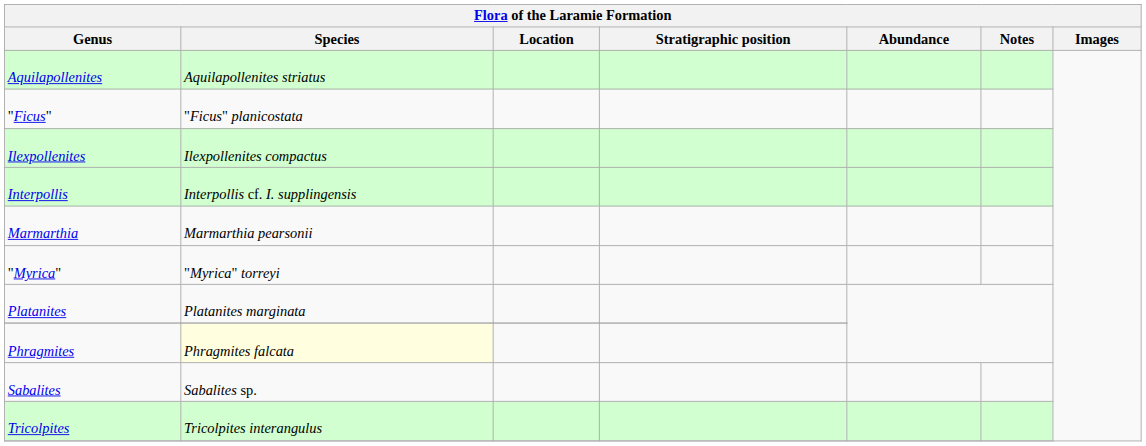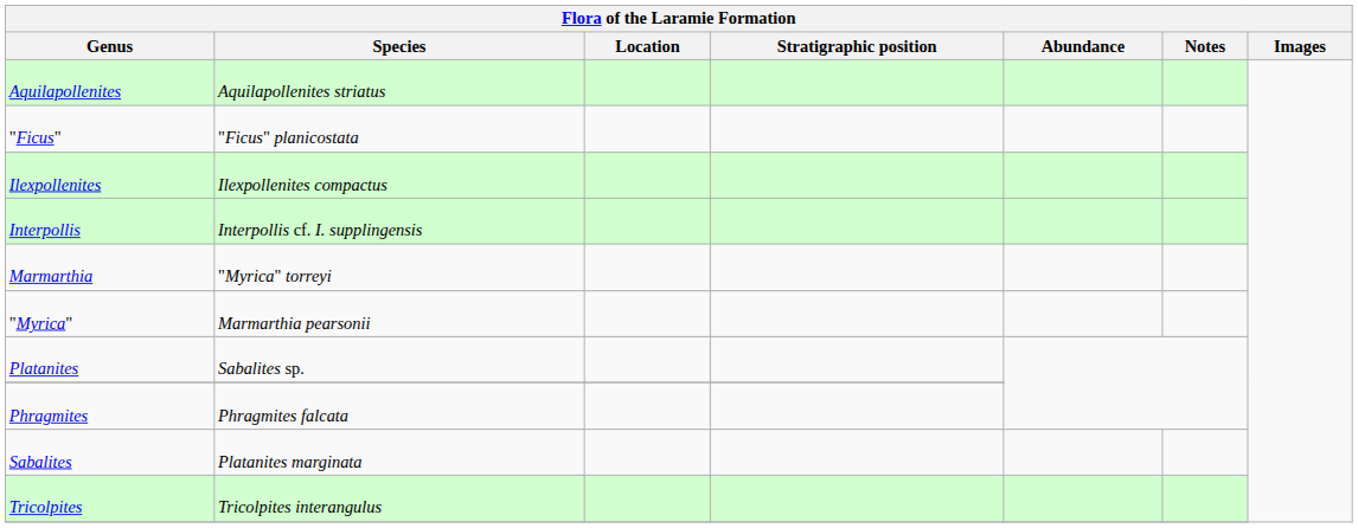 <table class="wikitable" align="center" width="100%">
 <tr>
 <th colspan="7" align="center"><strong><a href='#'>Flora</a> of the Laramie Formation</strong></th>
 </tr>
 <tr>
 <th>Genus</th>
 <th>Species</th>
 <th>Location</th>
 <th>Stratigraphic position</th>
 <th>Abundance</th>
 <th>Notes</th>
 <th>Images</th>
 </tr>
 <tr>
 <td style="background:#D1FFCF;"><br><em><a href='#'>Aquilapollenites</a></em></td>
 <td style="background:#D1FFCF;"><br><em>Aquilapollenites striatus</em></td>
 <td style="background:#D1FFCF;"></td>
 <td style="background:#D1FFCF;"></td>
 <td style="background:#D1FFCF;"></td>
 <td style="background:#D1FFCF;"></td>
 <td rowspan="99"><br> </td>
 </tr>
 <tr>
 <td><br>"<em><a href='#'>Ficus</a></em>"</td>
 <td><br>"<em>Ficus</em>" <em>planicostata</em></td>
 <td></td>
 <td></td>
 <td></td>
 <td></td>
 </tr>
 <tr>
 <td style="background:#D1FFCF;"><br><em><a href='#'>Ilexpollenites</a></em></td>
 <td style="background:#D1FFCF;"><br><em>Ilexpollenites compactus</em></td>
 <td style="background:#D1FFCF;"></td>
 <td style="background:#D1FFCF;"></td>
 <td style="background:#D1FFCF;"></td>
 <td style="background:#D1FFCF;"></td>
 </tr>
 <tr>
 <td style="background:#D1FFCF;"><br><em><a href='#'>Interpollis</a></em></td>
 <td style="background:#D1FFCF;"><br><em>Interpollis</em> cf. <em>I. supplingensis</em></td>
 <td style="background:#D1FFCF;"></td>
 <td style="background:#D1FFCF;"></td>
 <td style="background:#D1FFCF;"></td>
 <td style="background:#D1FFCF;"></td>
 </tr>
 <tr>
 <td><br><em><a href='#'>Marmarthia</a></em></td>
+<td><br>"<em>Myrica</em>" <em>torreyi</em></td>
+<td></td>
+<td></td>
+<td></td>
+<td></td>
+</tr>
+<tr>
+<td><br>"<em><a href='#'>Myrica</a></em>"</td>
 <td><br><em>Marmarthia pearsonii</em></td>
 <td></td>
 <td></td>
 <td></td>
 <td></td>
 </tr>
 <tr>
-<td><br>"<em><a href='#'>Myrica</a></em>"</td>
-<td><br>"<em>Myrica</em>" <em>torreyi</em></td>
-<td></td>
-<td></td>
-<td></td>
-<td></td>
-</tr>
-<tr>
 <td><br><em><a href='#'>Platanites</a></em></td>
-<td><br><em>Platanites marginata</em></td>
+<td><br><em>Sabalites</em> sp.</td>
 <td></td>
 <td></td>
 </tr>
 <tr>
 </tr>
 <tr>
 <td><br><em><a href='#'>Phragmites</a></em></td>
-<td style="background: lightyellow;"><br><em>	Phragmites falcata</em></td>
+<td><br><em>	Phragmites falcata</em></td>
 <td></td>
 <td></td>
 </tr>
 <tr>
 <td><br><em><a href='#'>Sabalites</a></em></td>
-<td><br><em>Sabalites</em> sp.</td>
+<td><br><em>Platanites marginata</em></td>
 <td></td>
 <td></td>
 <td></td>
 <td></td>
 </tr>
 <tr>
 <td style="background:#D1FFCF;"><br><em><a href='#'>Tricolpites</a></em></td>
 <td style="background:#D1FFCF;"><br><em>Tricolpites interangulus</em></td>
 <td style="background:#D1FFCF;"></td>
 <td style="background:#D1FFCF;"></td>
 <td style="background:#D1FFCF;"></td>
 <td style="background:#D1FFCF;"></td>
 </tr>
 <tr>
 </tr>
 </table>
